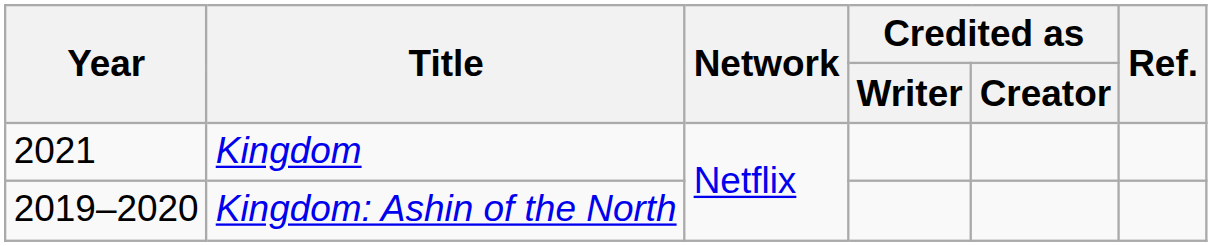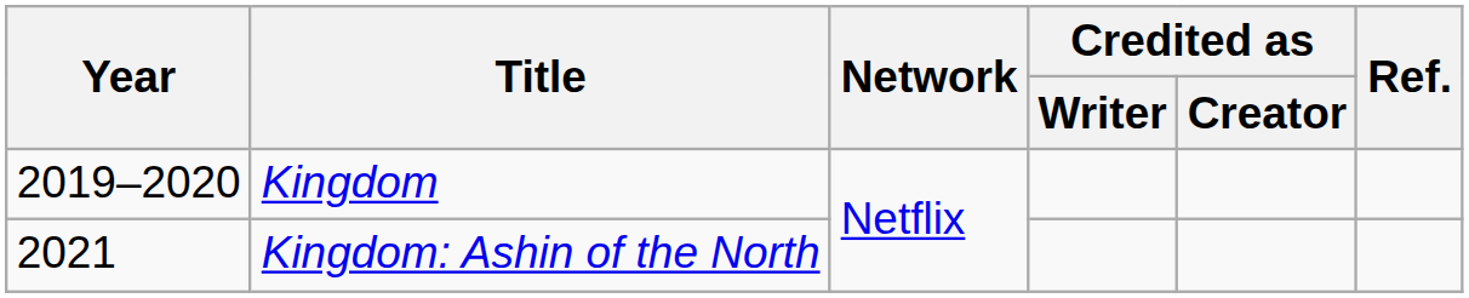 <table class="wikitable">
 <tr>
 <th rowspan="2">Year</th>
 <th rowspan="2">Title</th>
 <th rowspan="2">Network</th>
 <th colspan="2">Credited as</th>
 <th rowspan="2">Ref.</th>
 </tr>
 <tr>
 <th>Writer</th>
 <th>Creator</th>
 </tr>
 <tr>
-<td>2021</td>
+<td>2019–2020</td>
 <td><em><a href='#'>Kingdom</a></em></td>
 <td rowspan="2"><a href='#'>Netflix</a></td>
 <td></td>
 <td></td>
 <td></td>
 </tr>
 <tr>
-<td>2019–2020</td>
+<td>2021</td>
 <td><em><a href='#'>Kingdom: Ashin of the North</a></em></td>
 <td></td>
 <td></td>
 <td></td>
 </tr>
 </table>
